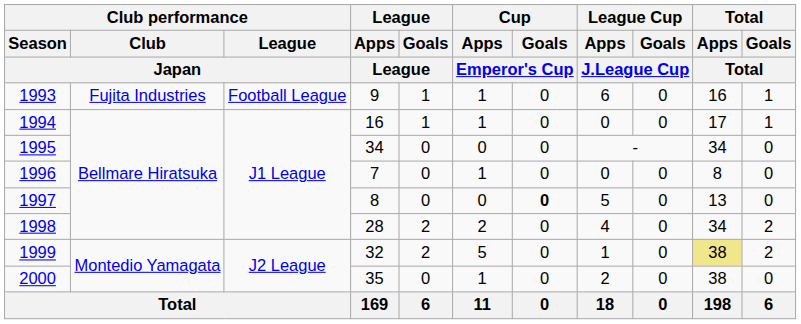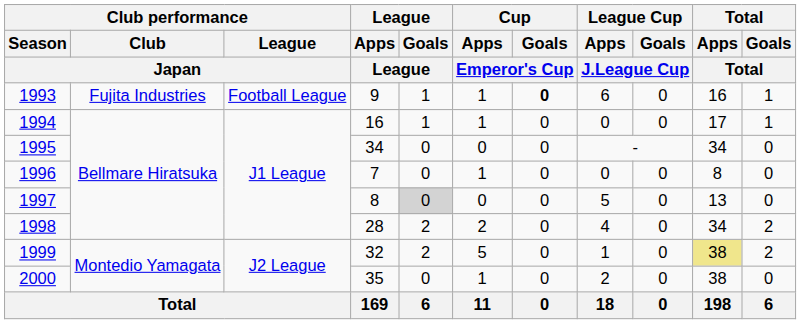 <table class="wikitable" style="text-align:center;">
 <tr>
 <th colspan=3>Club performance</th>
 <th colspan=2>League</th>
 <th colspan=2>Cup</th>
 <th colspan=2>League Cup</th>
 <th colspan=2>Total</th>
 </tr>
 <tr>
 <th>Season</th>
 <th>Club</th>
 <th>League</th>
 <th>Apps</th>
 <th>Goals</th>
 <th>Apps</th>
 <th>Goals</th>
 <th>Apps</th>
 <th>Goals</th>
 <th>Apps</th>
 <th>Goals</th>
 </tr>
 <tr>
 <th colspan=3>Japan</th>
 <th colspan=2>League</th>
 <th colspan=2><a href='#'>Emperor's Cup</a></th>
 <th colspan=2><a href='#'>J.League Cup</a></th>
 <th colspan=2>Total</th>
 </tr>
 <tr>
 <td><a href='#'>1993</a></td>
 <td><a href='#'>Fujita Industries</a></td>
 <td><a href='#'>Football League</a></td>
 <td>9</td>
 <td>1</td>
 <td>1</td>
-<td>0</td>
+<td><strong>0</strong></td>
 <td>6</td>
 <td>0</td>
 <td>16</td>
 <td>1</td>
 </tr>
 <tr>
 <td><a href='#'>1994</a></td>
 <td rowspan=5><a href='#'>Bellmare Hiratsuka</a></td>
 <td rowspan=5><a href='#'>J1 League</a></td>
 <td>16</td>
 <td>1</td>
 <td>1</td>
 <td>0</td>
 <td>0</td>
 <td>0</td>
 <td>17</td>
 <td>1</td>
 </tr>
 <tr>
 <td><a href='#'>1995</a></td>
 <td>34</td>
 <td>0</td>
 <td>0</td>
 <td>0</td>
 <td colspan=2>-</td>
 <td>34</td>
 <td>0</td>
 </tr>
 <tr>
 <td><a href='#'>1996</a></td>
 <td>7</td>
 <td>0</td>
 <td>1</td>
 <td>0</td>
 <td>0</td>
 <td>0</td>
 <td>8</td>
 <td>0</td>
 </tr>
 <tr>
 <td><a href='#'>1997</a></td>
 <td>8</td>
+<td style="background: lightgrey;">0</td>
 <td>0</td>
 <td>0</td>
-<td><strong>0</strong></td>
 <td>5</td>
 <td>0</td>
 <td>13</td>
 <td>0</td>
 </tr>
 <tr>
 <td><a href='#'>1998</a></td>
 <td>28</td>
 <td>2</td>
 <td>2</td>
 <td>0</td>
 <td>4</td>
 <td>0</td>
 <td>34</td>
 <td>2</td>
 </tr>
 <tr>
 <td><a href='#'>1999</a></td>
 <td rowspan=2><a href='#'>Montedio Yamagata</a></td>
 <td rowspan=2><a href='#'>J2 League</a></td>
 <td>32</td>
 <td>2</td>
 <td>5</td>
 <td>0</td>
 <td>1</td>
 <td>0</td>
 <td style="background: khaki;">38</td>
 <td>2</td>
 </tr>
 <tr>
 <td><a href='#'>2000</a></td>
 <td>35</td>
 <td>0</td>
 <td>1</td>
 <td>0</td>
 <td>2</td>
 <td>0</td>
 <td>38</td>
 <td>0</td>
 </tr>
 <tr>
 <th colspan=3>Total</th>
 <th>169</th>
 <th>6</th>
 <th>11</th>
 <th>0</th>
 <th>18</th>
 <th>0</th>
 <th>198</th>
 <th>6</th>
 </tr>
 </table>
